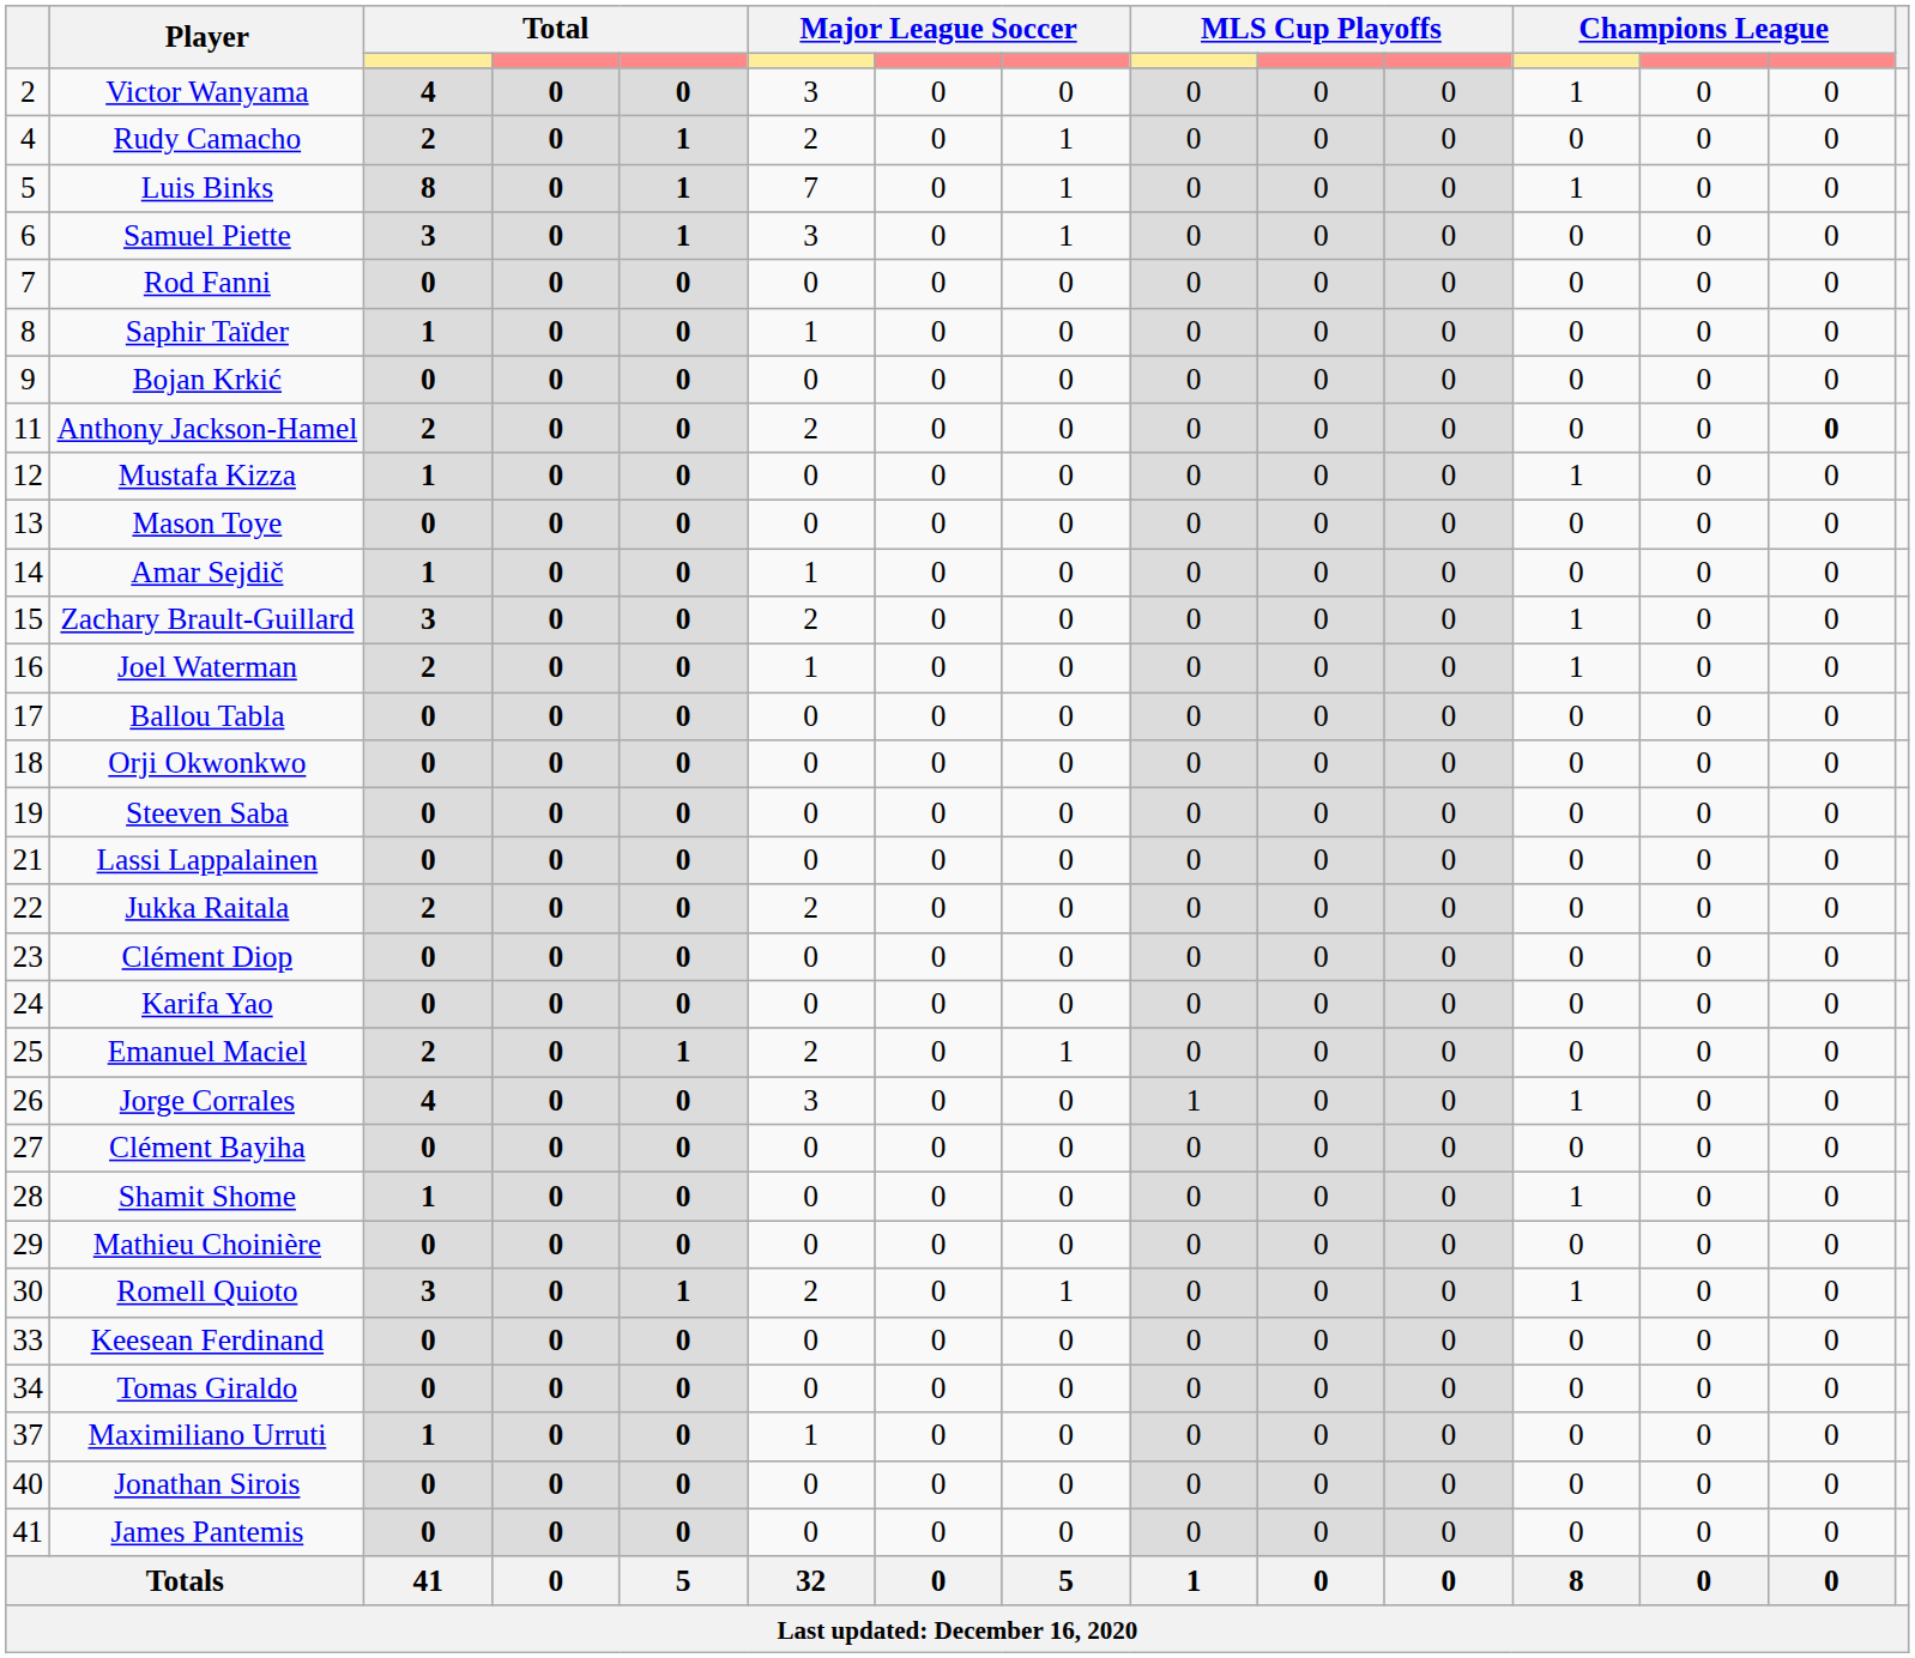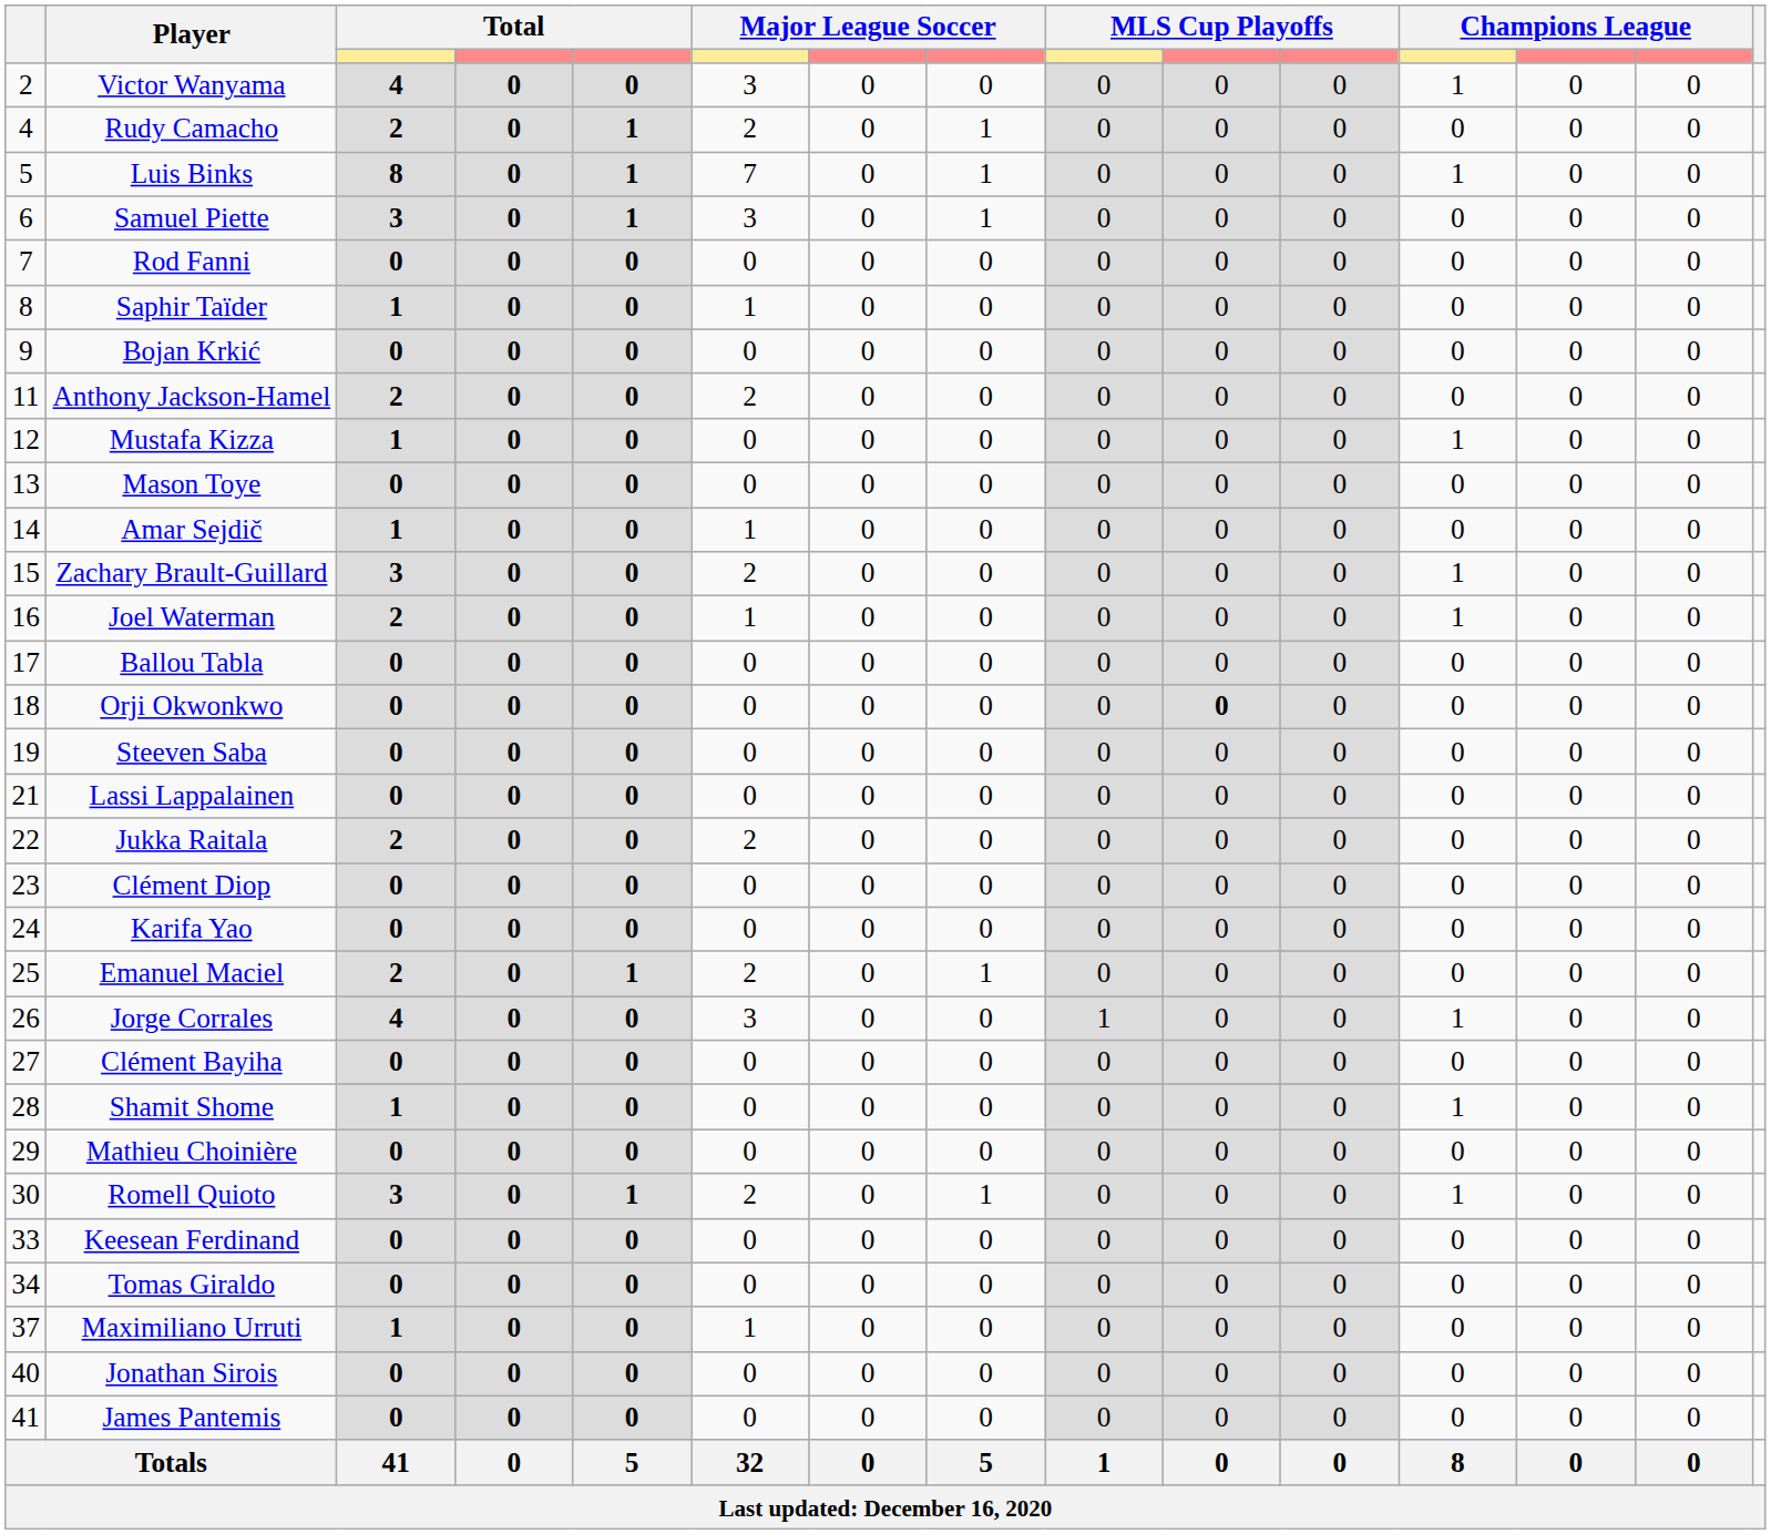 <table class="wikitable" style="text-align:center;">
 <tr style="text-align:center;">
 <th rowspan="2"></th>
 <th rowspan="2">Player</th>
 <th colspan="3">Total</th>
 <th colspan="3"><a href='#'>Major League Soccer</a></th>
 <th colspan="3"><a href='#'>MLS Cup Playoffs</a></th>
 <th colspan="3"><a href='#'>Champions League</a></th>
 <th rowspan="2"></th>
 </tr>
 <tr>
 <th style="width:60px; background:#fe9;"></th>
 <th style="width:60px; background:#ff8888;"></th>
 <th style="width:60px; background:#ff8888;"></th>
 <th style="width:60px; background:#fe9;"></th>
 <th style="width:60px; background:#ff8888;"></th>
 <th style="width:60px; background:#ff8888;"></th>
 <th style="width:60px; background:#fe9;"></th>
 <th style="width:60px; background:#ff8888;"></th>
 <th style="width:60px; background:#ff8888;"></th>
 <th style="width:60px; background:#fe9;"></th>
 <th style="width:60px; background:#ff8888;"></th>
 <th style="width:60px; background:#ff8888;"></th>
 </tr>
 <tr>
 <td>2</td>
 <td><a href='#'>Victor Wanyama</a></td>
 <td style="background:#DCDCDC"><strong>4</strong> </td>
 <td style="background:#DCDCDC"><strong>0</strong> </td>
 <td style="background:#DCDCDC"><strong>0</strong> </td>
 <td>3 </td>
 <td>0 </td>
 <td>0 </td>
 <td style="background:#DCDCDC">0 </td>
 <td style="background:#DCDCDC">0 </td>
 <td style="background:#DCDCDC">0 </td>
 <td>1 </td>
 <td>0 </td>
 <td>0 </td>
 <td></td>
 </tr>
 <tr>
 <td>4</td>
 <td><a href='#'>Rudy Camacho</a></td>
 <td style="background:#DCDCDC"><strong>2</strong> </td>
 <td style="background:#DCDCDC"><strong>0</strong> </td>
 <td style="background:#DCDCDC"><strong>1</strong> </td>
 <td>2 </td>
 <td>0 </td>
 <td>1 </td>
 <td style="background:#DCDCDC">0 </td>
 <td style="background:#DCDCDC">0 </td>
 <td style="background:#DCDCDC">0 </td>
 <td>0 </td>
 <td>0 </td>
 <td>0 </td>
 <td></td>
 </tr>
 <tr>
 <td>5</td>
 <td><a href='#'>Luis Binks</a></td>
 <td style="background:#DCDCDC"><strong>8</strong> </td>
 <td style="background:#DCDCDC"><strong>0</strong> </td>
 <td style="background:#DCDCDC"><strong>1</strong> </td>
 <td>7 </td>
 <td>0 </td>
 <td>1 </td>
 <td style="background:#DCDCDC">0 </td>
 <td style="background:#DCDCDC">0 </td>
 <td style="background:#DCDCDC">0 </td>
 <td>1 </td>
 <td>0 </td>
 <td>0 </td>
 <td></td>
 </tr>
 <tr>
 <td>6</td>
 <td><a href='#'>Samuel Piette</a></td>
 <td style="background:#DCDCDC"><strong>3</strong> </td>
 <td style="background:#DCDCDC"><strong>0</strong> </td>
 <td style="background:#DCDCDC"><strong>1</strong> </td>
 <td>3 </td>
 <td>0 </td>
 <td>1 </td>
 <td style="background:#DCDCDC">0 </td>
 <td style="background:#DCDCDC">0 </td>
 <td style="background:#DCDCDC">0 </td>
 <td>0 </td>
 <td>0 </td>
 <td>0 </td>
 <td></td>
 </tr>
 <tr>
 <td>7</td>
 <td><a href='#'>Rod Fanni</a></td>
 <td style="background:#DCDCDC"><strong>0</strong> </td>
 <td style="background:#DCDCDC"><strong>0</strong> </td>
 <td style="background:#DCDCDC"><strong>0</strong> </td>
 <td>0 </td>
 <td>0 </td>
 <td>0 </td>
 <td style="background:#DCDCDC">0 </td>
 <td style="background:#DCDCDC">0 </td>
 <td style="background:#DCDCDC">0 </td>
 <td>0 </td>
 <td>0 </td>
 <td>0 </td>
 <td></td>
 </tr>
 <tr>
 <td>8</td>
 <td><a href='#'>Saphir Taïder</a></td>
 <td style="background:#DCDCDC"><strong>1</strong> </td>
 <td style="background:#DCDCDC"><strong>0</strong> </td>
 <td style="background:#DCDCDC"><strong>0</strong> </td>
 <td>1 </td>
 <td>0 </td>
 <td>0 </td>
 <td style="background:#DCDCDC">0 </td>
 <td style="background:#DCDCDC">0 </td>
 <td style="background:#DCDCDC">0 </td>
 <td>0 </td>
 <td>0 </td>
 <td>0 </td>
 <td></td>
 </tr>
 <tr>
 <td>9</td>
 <td><a href='#'>Bojan Krkić</a></td>
 <td style="background:#DCDCDC"><strong>0</strong> </td>
 <td style="background:#DCDCDC"><strong>0</strong> </td>
 <td style="background:#DCDCDC"><strong>0</strong> </td>
 <td>0 </td>
 <td>0 </td>
 <td>0 </td>
 <td style="background:#DCDCDC">0 </td>
 <td style="background:#DCDCDC">0 </td>
 <td style="background:#DCDCDC">0 </td>
 <td>0 </td>
 <td>0 </td>
 <td>0 </td>
 <td></td>
 </tr>
 <tr>
 <td>11</td>
 <td><a href='#'>Anthony Jackson-Hamel</a></td>
 <td style="background:#DCDCDC"><strong>2</strong> </td>
 <td style="background:#DCDCDC"><strong>0</strong> </td>
 <td style="background:#DCDCDC"><strong>0</strong> </td>
 <td>2 </td>
 <td>0 </td>
 <td>0 </td>
 <td style="background:#DCDCDC">0 </td>
 <td style="background:#DCDCDC">0 </td>
 <td style="background:#DCDCDC">0 </td>
 <td>0 </td>
 <td>0 </td>
-<td><strong>0 </strong></td>
+<td>0 </td>
 <td></td>
 </tr>
 <tr>
 <td>12</td>
 <td><a href='#'>Mustafa Kizza</a></td>
 <td style="background:#DCDCDC"><strong>1</strong> </td>
 <td style="background:#DCDCDC"><strong>0</strong> </td>
 <td style="background:#DCDCDC"><strong>0</strong> </td>
 <td>0 </td>
 <td>0 </td>
 <td>0 </td>
 <td style="background:#DCDCDC">0 </td>
 <td style="background:#DCDCDC">0 </td>
 <td style="background:#DCDCDC">0 </td>
 <td>1 </td>
 <td>0 </td>
 <td>0 </td>
 <td></td>
 </tr>
 <tr>
 <td>13</td>
 <td><a href='#'>Mason Toye</a></td>
 <td style="background:#DCDCDC"><strong>0</strong> </td>
 <td style="background:#DCDCDC"><strong>0</strong> </td>
 <td style="background:#DCDCDC"><strong>0</strong> </td>
 <td>0 </td>
 <td>0 </td>
 <td>0 </td>
 <td style="background:#DCDCDC">0 </td>
 <td style="background:#DCDCDC">0 </td>
 <td style="background:#DCDCDC">0 </td>
 <td>0 </td>
 <td>0 </td>
 <td>0 </td>
 <td></td>
 </tr>
 <tr>
 <td>14</td>
 <td><a href='#'>Amar Sejdič</a></td>
 <td style="background:#DCDCDC"><strong>1</strong> </td>
 <td style="background:#DCDCDC"><strong>0</strong> </td>
 <td style="background:#DCDCDC"><strong>0</strong> </td>
 <td>1 </td>
 <td>0 </td>
 <td>0 </td>
 <td style="background:#DCDCDC">0 </td>
 <td style="background:#DCDCDC">0 </td>
 <td style="background:#DCDCDC">0 </td>
 <td>0 </td>
 <td>0 </td>
 <td>0 </td>
 <td></td>
 </tr>
 <tr>
 <td>15</td>
 <td><a href='#'>Zachary Brault-Guillard</a></td>
 <td style="background:#DCDCDC"><strong>3</strong> </td>
 <td style="background:#DCDCDC"><strong>0</strong> </td>
 <td style="background:#DCDCDC"><strong>0</strong> </td>
 <td>2 </td>
 <td>0 </td>
 <td>0 </td>
 <td style="background:#DCDCDC">0 </td>
 <td style="background:#DCDCDC">0 </td>
 <td style="background:#DCDCDC">0 </td>
 <td>1 </td>
 <td>0 </td>
 <td>0 </td>
 <td></td>
 </tr>
 <tr>
 <td>16</td>
 <td><a href='#'>Joel Waterman</a></td>
 <td style="background:#DCDCDC"><strong>2</strong> </td>
 <td style="background:#DCDCDC"><strong>0</strong> </td>
 <td style="background:#DCDCDC"><strong>0</strong> </td>
 <td>1 </td>
 <td>0 </td>
 <td>0 </td>
 <td style="background:#DCDCDC">0 </td>
 <td style="background:#DCDCDC">0 </td>
 <td style="background:#DCDCDC">0 </td>
 <td>1 </td>
 <td>0 </td>
 <td>0 </td>
 <td></td>
 </tr>
 <tr>
 <td>17</td>
 <td><a href='#'>Ballou Tabla</a></td>
 <td style="background:#DCDCDC"><strong>0</strong> </td>
 <td style="background:#DCDCDC"><strong>0</strong> </td>
 <td style="background:#DCDCDC"><strong>0</strong> </td>
 <td>0 </td>
 <td>0 </td>
 <td>0 </td>
 <td style="background:#DCDCDC">0 </td>
 <td style="background:#DCDCDC">0 </td>
 <td style="background:#DCDCDC">0 </td>
 <td>0 </td>
 <td>0 </td>
 <td>0 </td>
 <td></td>
 </tr>
 <tr>
 <td>18</td>
 <td><a href='#'>Orji Okwonkwo</a></td>
 <td style="background:#DCDCDC"><strong>0</strong> </td>
 <td style="background:#DCDCDC"><strong>0</strong> </td>
 <td style="background:#DCDCDC"><strong>0</strong> </td>
 <td>0 </td>
 <td>0 </td>
 <td>0 </td>
 <td style="background:#DCDCDC">0 </td>
-<td style="background:#DCDCDC">0 </td>
+<td style="background:#DCDCDC"><strong>0 </strong></td>
 <td style="background:#DCDCDC">0 </td>
 <td>0 </td>
 <td>0 </td>
 <td>0 </td>
 <td></td>
 </tr>
 <tr>
 <td>19</td>
 <td><a href='#'>Steeven Saba</a></td>
 <td style="background:#DCDCDC"><strong>0</strong> </td>
 <td style="background:#DCDCDC"><strong>0</strong> </td>
 <td style="background:#DCDCDC"><strong>0</strong> </td>
 <td>0 </td>
 <td>0 </td>
 <td>0 </td>
 <td style="background:#DCDCDC">0 </td>
 <td style="background:#DCDCDC">0 </td>
 <td style="background:#DCDCDC">0 </td>
 <td>0 </td>
 <td>0 </td>
 <td>0 </td>
 <td></td>
 </tr>
 <tr>
 <td>21</td>
 <td><a href='#'>Lassi Lappalainen</a></td>
 <td style="background:#DCDCDC"><strong>0</strong></td>
 <td style="background:#DCDCDC"><strong>0</strong></td>
 <td style="background:#DCDCDC"><strong>0</strong></td>
 <td>0</td>
 <td>0</td>
 <td>0</td>
 <td style="background:#DCDCDC">0</td>
 <td style="background:#DCDCDC">0</td>
 <td style="background:#DCDCDC">0</td>
 <td>0</td>
 <td>0</td>
 <td>0</td>
 <td></td>
 </tr>
 <tr>
 <td>22</td>
 <td><a href='#'>Jukka Raitala</a></td>
 <td style="background:#DCDCDC"><strong>2</strong> </td>
 <td style="background:#DCDCDC"><strong>0</strong> </td>
 <td style="background:#DCDCDC"><strong>0</strong> </td>
 <td>2 </td>
 <td>0 </td>
 <td>0 </td>
 <td style="background:#DCDCDC">0 </td>
 <td style="background:#DCDCDC">0 </td>
 <td style="background:#DCDCDC">0 </td>
 <td>0 </td>
 <td>0 </td>
 <td>0 </td>
 <td></td>
 </tr>
 <tr>
 <td>23</td>
 <td><a href='#'>Clément Diop</a></td>
 <td style="background:#DCDCDC"><strong>0</strong> </td>
 <td style="background:#DCDCDC"><strong>0</strong> </td>
 <td style="background:#DCDCDC"><strong>0</strong> </td>
 <td>0 </td>
 <td>0 </td>
 <td>0 </td>
 <td style="background:#DCDCDC">0 </td>
 <td style="background:#DCDCDC">0 </td>
 <td style="background:#DCDCDC">0 </td>
 <td>0 </td>
 <td>0 </td>
 <td>0 </td>
 <td></td>
 </tr>
 <tr>
 <td>24</td>
 <td><a href='#'>Karifa Yao</a></td>
 <td style="background:#DCDCDC"><strong>0</strong> </td>
 <td style="background:#DCDCDC"><strong>0</strong> </td>
 <td style="background:#DCDCDC"><strong>0</strong> </td>
 <td>0 </td>
 <td>0 </td>
 <td>0 </td>
 <td style="background:#DCDCDC">0 </td>
 <td style="background:#DCDCDC">0 </td>
 <td style="background:#DCDCDC">0 </td>
 <td>0 </td>
 <td>0 </td>
 <td>0 </td>
 <td></td>
 </tr>
 <tr>
 <td>25</td>
 <td><a href='#'>Emanuel Maciel</a></td>
 <td style="background:#DCDCDC"><strong>2</strong> </td>
 <td style="background:#DCDCDC"><strong>0</strong> </td>
 <td style="background:#DCDCDC"><strong>1</strong> </td>
 <td>2 </td>
 <td>0 </td>
 <td>1 </td>
 <td style="background:#DCDCDC">0 </td>
 <td style="background:#DCDCDC">0 </td>
 <td style="background:#DCDCDC">0 </td>
 <td>0 </td>
 <td>0 </td>
 <td>0 </td>
 <td></td>
 </tr>
 <tr>
 <td>26</td>
 <td><a href='#'>Jorge Corrales</a></td>
 <td style="background:#DCDCDC"><strong>4</strong> </td>
 <td style="background:#DCDCDC"><strong>0</strong> </td>
 <td style="background:#DCDCDC"><strong>0</strong> </td>
 <td>3 </td>
 <td>0 </td>
 <td>0 </td>
 <td style="background:#DCDCDC">1 </td>
 <td style="background:#DCDCDC">0 </td>
 <td style="background:#DCDCDC">0 </td>
 <td>1 </td>
 <td>0 </td>
 <td>0 </td>
 <td></td>
 </tr>
 <tr>
 <td>27</td>
 <td><a href='#'>Clément Bayiha</a></td>
 <td style="background:#DCDCDC"><strong>0</strong> </td>
 <td style="background:#DCDCDC"><strong>0</strong> </td>
 <td style="background:#DCDCDC"><strong>0</strong> </td>
 <td>0 </td>
 <td>0 </td>
 <td>0 </td>
 <td style="background:#DCDCDC">0 </td>
 <td style="background:#DCDCDC">0 </td>
 <td style="background:#DCDCDC">0 </td>
 <td>0 </td>
 <td>0 </td>
 <td>0 </td>
 <td></td>
 </tr>
 <tr>
 <td>28</td>
 <td><a href='#'>Shamit Shome</a></td>
 <td style="background:#DCDCDC"><strong>1</strong> </td>
 <td style="background:#DCDCDC"><strong>0</strong> </td>
 <td style="background:#DCDCDC"><strong>0</strong> </td>
 <td>0 </td>
 <td>0 </td>
 <td>0 </td>
 <td style="background:#DCDCDC">0 </td>
 <td style="background:#DCDCDC">0 </td>
 <td style="background:#DCDCDC">0 </td>
 <td>1 </td>
 <td>0 </td>
 <td>0 </td>
 <td></td>
 </tr>
 <tr>
 <td>29</td>
 <td><a href='#'>Mathieu Choinière</a></td>
 <td style="background:#DCDCDC"><strong>0</strong> </td>
 <td style="background:#DCDCDC"><strong>0</strong> </td>
 <td style="background:#DCDCDC"><strong>0</strong> </td>
 <td>0 </td>
 <td>0 </td>
 <td>0 </td>
 <td style="background:#DCDCDC">0 </td>
 <td style="background:#DCDCDC">0 </td>
 <td style="background:#DCDCDC">0 </td>
 <td>0 </td>
 <td>0 </td>
 <td>0 </td>
 <td></td>
 </tr>
 <tr>
 <td>30</td>
 <td><a href='#'>Romell Quioto</a></td>
 <td style="background:#DCDCDC"><strong>3</strong> </td>
 <td style="background:#DCDCDC"><strong>0</strong> </td>
 <td style="background:#DCDCDC"><strong>1</strong> </td>
 <td>2 </td>
 <td>0 </td>
 <td>1 </td>
 <td style="background:#DCDCDC">0 </td>
 <td style="background:#DCDCDC">0 </td>
 <td style="background:#DCDCDC">0 </td>
 <td>1 </td>
 <td>0 </td>
 <td>0 </td>
 <td></td>
 </tr>
 <tr>
 <td>33</td>
 <td><a href='#'>Keesean Ferdinand</a></td>
 <td style="background:#DCDCDC"><strong>0</strong> </td>
 <td style="background:#DCDCDC"><strong>0</strong> </td>
 <td style="background:#DCDCDC"><strong>0</strong> </td>
 <td>0 </td>
 <td>0 </td>
 <td>0 </td>
 <td style="background:#DCDCDC">0 </td>
 <td style="background:#DCDCDC">0 </td>
 <td style="background:#DCDCDC">0 </td>
 <td>0 </td>
 <td>0 </td>
 <td>0 </td>
 <td></td>
 </tr>
 <tr>
 <td>34</td>
 <td><a href='#'>Tomas Giraldo</a></td>
 <td style="background:#DCDCDC"><strong>0</strong> </td>
 <td style="background:#DCDCDC"><strong>0</strong> </td>
 <td style="background:#DCDCDC"><strong>0</strong> </td>
 <td>0 </td>
 <td>0 </td>
 <td>0 </td>
 <td style="background:#DCDCDC">0 </td>
 <td style="background:#DCDCDC">0 </td>
 <td style="background:#DCDCDC">0 </td>
 <td>0 </td>
 <td>0 </td>
 <td>0 </td>
 <td></td>
 </tr>
 <tr>
 <td>37</td>
 <td><a href='#'>Maximiliano Urruti</a></td>
 <td style="background:#DCDCDC"><strong>1</strong> </td>
 <td style="background:#DCDCDC"><strong>0</strong> </td>
 <td style="background:#DCDCDC"><strong>0</strong> </td>
 <td>1 </td>
 <td>0 </td>
 <td>0 </td>
 <td style="background:#DCDCDC">0 </td>
 <td style="background:#DCDCDC">0 </td>
 <td style="background:#DCDCDC">0 </td>
 <td>0 </td>
 <td>0 </td>
 <td>0 </td>
 <td></td>
 </tr>
 <tr>
 <td>40</td>
 <td><a href='#'>Jonathan Sirois</a></td>
 <td style="background:#DCDCDC"><strong>0</strong> </td>
 <td style="background:#DCDCDC"><strong>0</strong> </td>
 <td style="background:#DCDCDC"><strong>0</strong> </td>
 <td>0 </td>
 <td>0 </td>
 <td>0 </td>
 <td style="background:#DCDCDC">0 </td>
 <td style="background:#DCDCDC">0 </td>
 <td style="background:#DCDCDC">0 </td>
 <td>0 </td>
 <td>0 </td>
 <td>0 </td>
 <td></td>
 </tr>
 <tr>
 <td>41</td>
 <td><a href='#'>James Pantemis</a></td>
 <td style="background:#DCDCDC"><strong>0</strong> </td>
 <td style="background:#DCDCDC"><strong>0</strong> </td>
 <td style="background:#DCDCDC"><strong>0</strong> </td>
 <td>0 </td>
 <td>0 </td>
 <td>0 </td>
 <td style="background:#DCDCDC">0 </td>
 <td style="background:#DCDCDC">0 </td>
 <td style="background:#DCDCDC">0 </td>
 <td>0 </td>
 <td>0 </td>
 <td>0 </td>
 <td></td>
 </tr>
 <tr>
 <th colspan="2">Totals</th>
 <th>41 </th>
 <th>0 </th>
 <th>5 </th>
 <th>32 </th>
 <th>0 </th>
 <th>5 </th>
 <th>1 </th>
 <th>0 </th>
 <th>0 </th>
 <th>8 </th>
 <th>0 </th>
 <th>0 </th>
 <td></td>
 </tr>
 <tr>
 <th colspan="20"><small>Last updated: December 16, 2020</small></th>
 </tr>
 </table>
